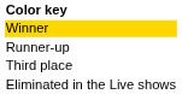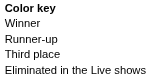 <table class="toccolours collapsible collapsed" style="margin:1em auto; font-size: 100%; white-space: nowrap">
 <tr>
 <td><strong>Color key</strong></td>
 </tr>
 <tr>
-<td style="background: gold;"> Winner</td>
+<td> Winner</td>
 </tr>
 <tr>
 <td> Runner-up</td>
 </tr>
 <tr>
 <td> Third place</td>
 </tr>
 <tr>
 <td> Eliminated in the Live shows</td>
 </tr>
 </table>
